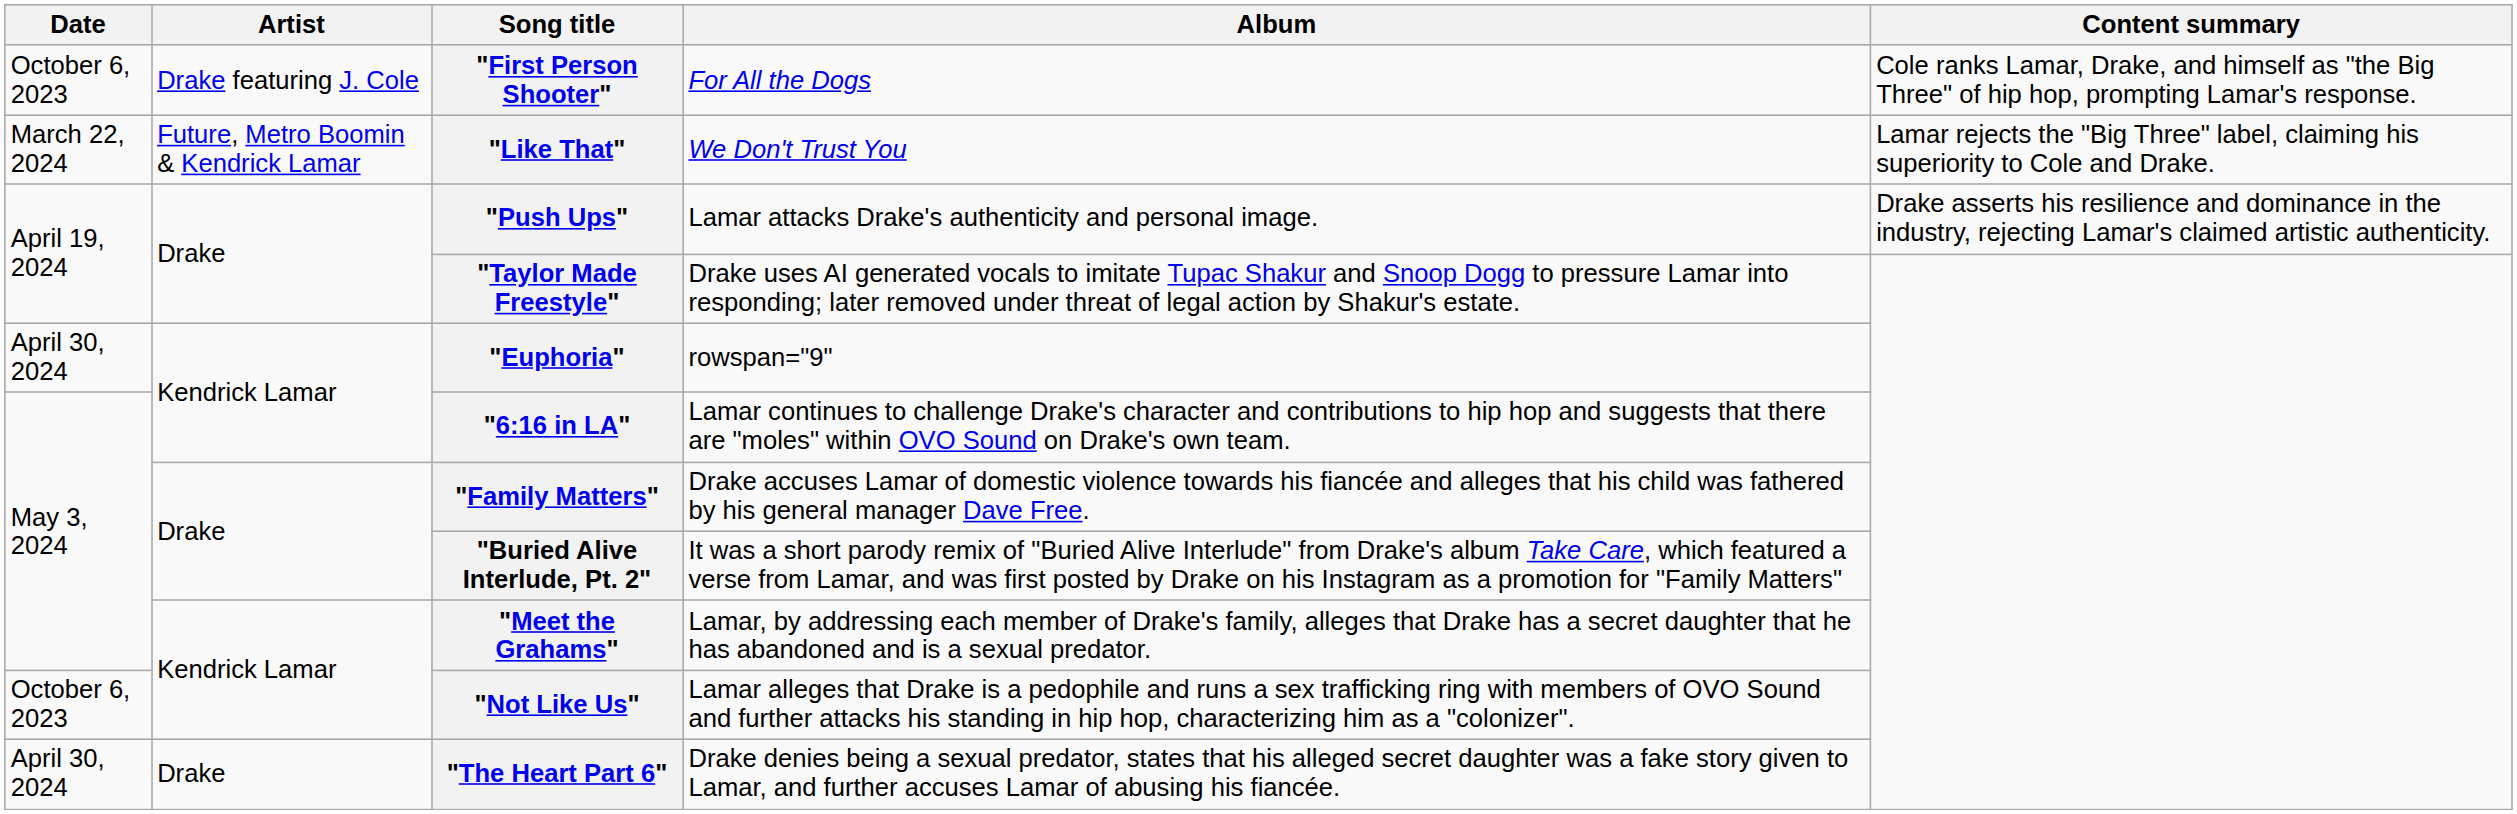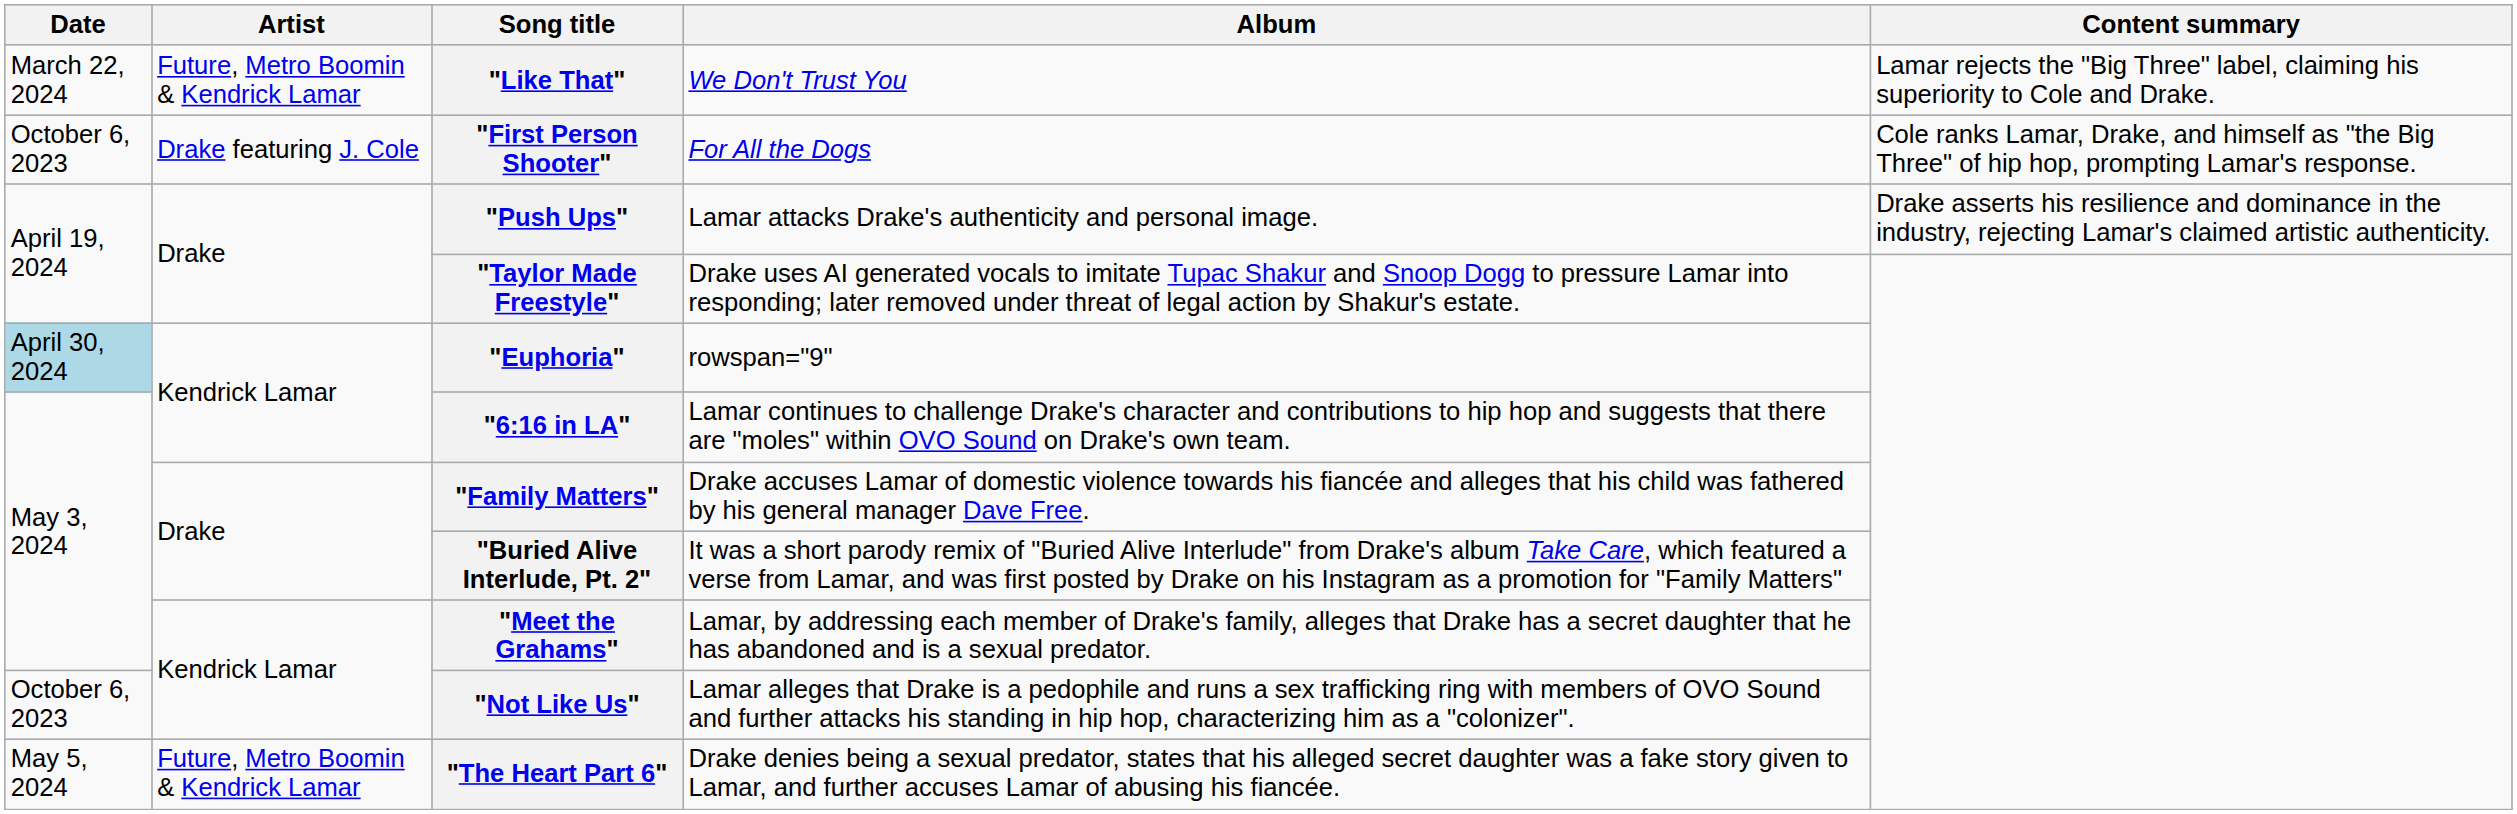 <table class="wikitable plainrowheaders">
 <tr>
 <th scope="col">Date</th>
 <th scope="col">Artist</th>
 <th scope="col">Song title</th>
 <th scope="col">Album</th>
 <th scope="col">Content summary</th>
 </tr>
 <tr>
+<td>March 22, 2024</td>
+<td><a href='#'>Future</a>, <a href='#'>Metro Boomin</a> & <a href='#'>Kendrick Lamar</a></td>
+<th scope="row">"<a href='#'>Like That</a>"</th>
+<td><em><a href='#'>We Don't Trust You</a></em></td>
+<td>Lamar rejects the "Big Three" label, claiming his superiority to Cole and Drake.</td>
+</tr>
+<tr>
 <td>October 6, 2023</td>
 <td><a href='#'>Drake</a> featuring <a href='#'>J.&nbsp;Cole</a></td>
 <th scope="row">"<a href='#'>First Person Shooter</a>"</th>
 <td><em><a href='#'>For All the Dogs</a></em></td>
 <td>Cole ranks Lamar, Drake, and himself as "the Big Three" of hip hop, prompting Lamar's response.</td>
-</tr>
-<tr>
-<td>March 22, 2024</td>
-<td><a href='#'>Future</a>, <a href='#'>Metro Boomin</a> & <a href='#'>Kendrick Lamar</a></td>
-<th scope="row">"<a href='#'>Like That</a>"</th>
-<td><em><a href='#'>We Don't Trust You</a></em></td>
-<td>Lamar rejects the "Big Three" label, claiming his superiority to Cole and Drake.</td>
 </tr>
 <tr>
 <td rowspan="2">April 19, 2024</td>
 <td rowspan="2">Drake</td>
 <th scope="row">"<a href='#'>Push Ups</a>"</th>
 <td>Lamar attacks Drake's authenticity and personal image.</td>
 <td>Drake asserts his resilience and dominance in the industry, rejecting Lamar's claimed artistic authenticity.</td>
 </tr>
 <tr>
 <th scope="row">"<a href='#'>Taylor Made Freestyle</a>"</th>
 <td>Drake uses AI generated vocals to imitate <a href='#'>Tupac Shakur</a> and <a href='#'>Snoop Dogg</a> to pressure Lamar into responding; later removed under threat of legal action by Shakur's estate.</td>
 </tr>
 <tr>
-<td>April 30, 2024</td>
+<td style="background: lightblue;">April 30, 2024</td>
 <td rowspan="2">Kendrick Lamar</td>
 <th scope="row">"<a href='#'>Euphoria</a>"</th>
 <td>rowspan="9" </td>
 </tr>
 <tr>
 <td rowspan="4">May 3, 2024</td>
 <th scope="row">"<a href='#'>6:16 in LA</a>"</th>
 <td>Lamar continues to challenge Drake's character and contributions to hip hop and suggests that there are "moles" within <a href='#'>OVO Sound</a> on Drake's own team.</td>
 </tr>
 <tr>
 <td rowspan="2">Drake</td>
 <th scope="row">"<a href='#'>Family Matters</a>"</th>
 <td>Drake accuses Lamar of domestic violence towards his fiancée and alleges that his child was fathered by his general manager <a href='#'>Dave Free</a>.</td>
 </tr>
 <tr>
 <th scope="row">"Buried Alive Interlude, Pt. 2"</th>
 <td>It was a short parody remix of "Buried Alive Interlude" from Drake's album <em><a href='#'>Take Care</a></em>, which featured a verse from Lamar, and was first posted by Drake on his Instagram as a promotion for "Family Matters"</td>
 </tr>
 <tr>
 <td rowspan="2">Kendrick Lamar</td>
 <th scope="row">"<a href='#'>Meet the Grahams</a>"</th>
 <td>Lamar, by addressing each member of Drake's family, alleges that Drake has a secret daughter that he has abandoned and is a sexual predator.</td>
 </tr>
 <tr>
 <td>October 6, 2023</td>
 <th scope="row">"<a href='#'>Not Like Us</a>"</th>
 <td>Lamar alleges that Drake is a pedophile and runs a sex trafficking ring with members of OVO Sound and further attacks his standing in hip hop, characterizing him as a "colonizer".</td>
 </tr>
 <tr>
-<td>April 30, 2024</td>
-<td>Drake</td>
+<td>May 5, 2024</td>
+<td><a href='#'>Future</a>, <a href='#'>Metro Boomin</a> & <a href='#'>Kendrick Lamar</a></td>
 <th scope="row">"<a href='#'>The Heart Part&nbsp;6</a>"</th>
 <td>Drake denies being a sexual predator, states that his alleged secret daughter was a fake story given to Lamar, and further accuses Lamar of abusing his fiancée.</td>
 </tr>
 </table>
